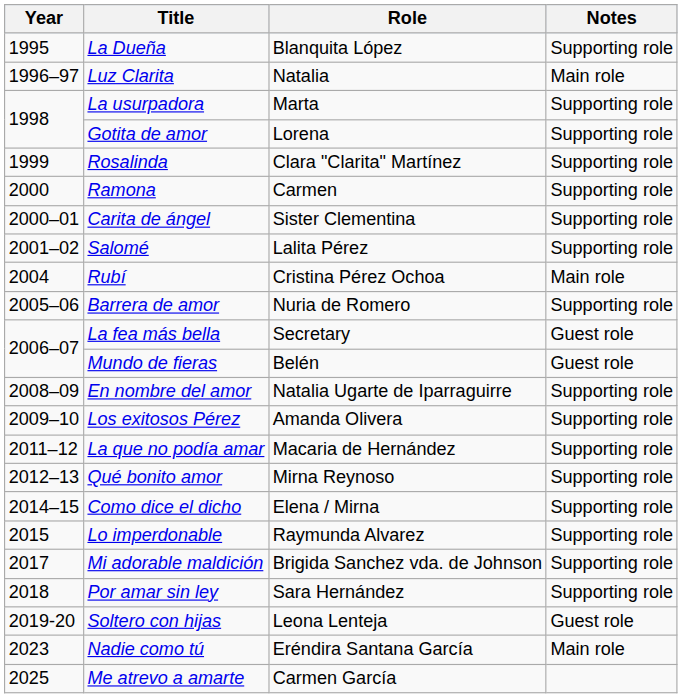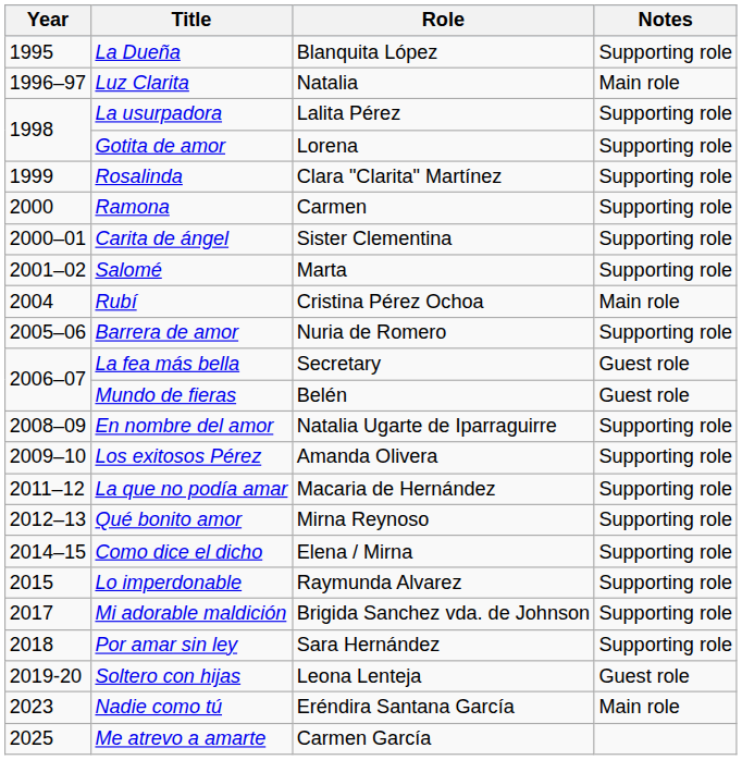 <table class="wikitable">
 <tr style="background:#b0c4de;">
 <th>Year</th>
 <th>Title</th>
 <th>Role</th>
 <th>Notes</th>
 </tr>
 <tr>
 <td>1995</td>
 <td><em><a href='#'>La Dueña</a></em></td>
 <td>Blanquita López</td>
 <td>Supporting role</td>
 </tr>
 <tr>
 <td>1996–97</td>
 <td><em><a href='#'>Luz Clarita</a></em></td>
 <td>Natalia</td>
 <td>Main role</td>
 </tr>
 <tr>
 <td rowspan=2>1998</td>
 <td><em><a href='#'>La usurpadora</a></em></td>
-<td>Marta</td>
+<td>Lalita Pérez</td>
 <td>Supporting role</td>
 </tr>
 <tr>
 <td><em><a href='#'>Gotita de amor</a></em></td>
 <td>Lorena</td>
 <td>Supporting role</td>
 </tr>
 <tr>
 <td>1999</td>
 <td><em><a href='#'>Rosalinda</a></em></td>
 <td>Clara "Clarita" Martínez</td>
 <td>Supporting role</td>
 </tr>
 <tr>
 <td>2000</td>
 <td><em><a href='#'>Ramona</a></em></td>
 <td>Carmen</td>
 <td>Supporting role</td>
 </tr>
 <tr>
 <td>2000–01</td>
 <td><em><a href='#'>Carita de ángel</a></em></td>
 <td>Sister Clementina</td>
 <td>Supporting role</td>
 </tr>
 <tr>
 <td>2001–02</td>
 <td><em><a href='#'>Salomé</a></em></td>
-<td>Lalita Pérez</td>
+<td>Marta</td>
 <td>Supporting role</td>
 </tr>
 <tr>
 <td>2004</td>
 <td><em><a href='#'>Rubí</a></em></td>
 <td>Cristina Pérez Ochoa</td>
 <td>Main role</td>
 </tr>
 <tr>
 <td>2005–06</td>
 <td><em><a href='#'>Barrera de amor</a></em></td>
 <td>Nuria de Romero</td>
 <td>Supporting role</td>
 </tr>
 <tr>
 <td rowspan=2>2006–07</td>
 <td><em><a href='#'>La fea más bella</a></em></td>
 <td>Secretary</td>
 <td>Guest role</td>
 </tr>
 <tr>
 <td><em><a href='#'>Mundo de fieras</a></em></td>
 <td>Belén</td>
 <td>Guest role</td>
 </tr>
 <tr>
 <td>2008–09</td>
 <td><em><a href='#'>En nombre del amor</a></em></td>
 <td>Natalia Ugarte de Iparraguirre</td>
 <td>Supporting role</td>
 </tr>
 <tr>
 <td>2009–10</td>
 <td><em><a href='#'>Los exitosos Pérez</a></em></td>
 <td>Amanda Olivera</td>
 <td>Supporting role</td>
 </tr>
 <tr>
 <td>2011–12</td>
 <td><em><a href='#'>La que no podía amar</a></em></td>
 <td>Macaria de Hernández</td>
 <td>Supporting role</td>
 </tr>
 <tr>
 <td>2012–13</td>
 <td><em><a href='#'>Qué bonito amor</a></em></td>
 <td>Mirna Reynoso</td>
 <td>Supporting role</td>
 </tr>
 <tr>
 <td>2014–15</td>
 <td><em><a href='#'>Como dice el dicho</a></em></td>
 <td>Elena / Mirna</td>
 <td>Supporting role</td>
 </tr>
 <tr>
 <td>2015</td>
 <td><em><a href='#'>Lo imperdonable</a></em></td>
 <td>Raymunda Alvarez</td>
 <td>Supporting role</td>
 </tr>
 <tr>
 <td>2017</td>
 <td><em><a href='#'>Mi adorable maldición</a></em></td>
 <td>Brigida Sanchez vda. de Johnson</td>
 <td>Supporting role</td>
 </tr>
 <tr>
 <td>2018</td>
 <td><em><a href='#'>Por amar sin ley</a></em></td>
 <td>Sara Hernández</td>
 <td>Supporting role</td>
 </tr>
 <tr>
 <td>2019-20</td>
 <td><em><a href='#'>Soltero con hijas</a></em></td>
 <td>Leona Lenteja</td>
 <td>Guest role</td>
 </tr>
 <tr>
 <td>2023</td>
 <td><em><a href='#'>Nadie como tú</a></em></td>
 <td>Eréndira Santana García</td>
 <td>Main role</td>
 </tr>
 <tr>
 <td>2025</td>
 <td><em><a href='#'>Me atrevo a amarte</a></em></td>
 <td>Carmen García</td>
 <td></td>
 </tr>
 </table>
